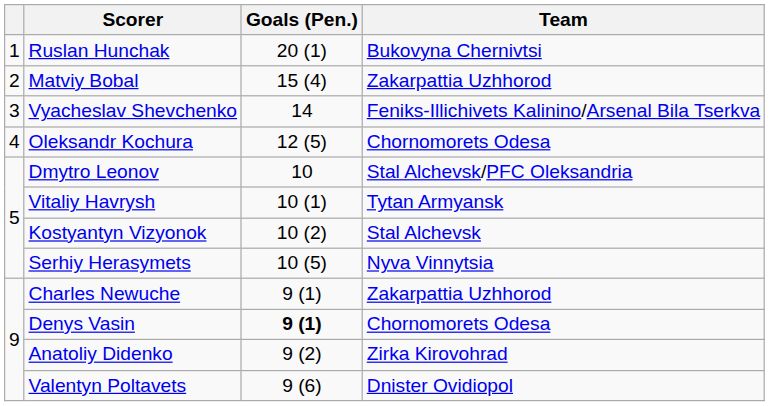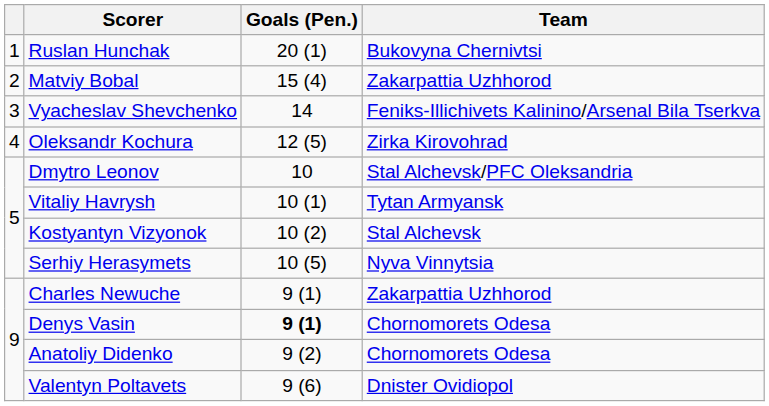 <table class="wikitable">
 <tr>
 <th></th>
 <th>Scorer</th>
 <th>Goals (Pen.)</th>
 <th>Team</th>
 </tr>
 <tr>
 <td>1</td>
 <td> <a href='#'>Ruslan Hunchak</a></td>
 <td align=center>20 (1)</td>
 <td><a href='#'>Bukovyna Chernivtsi</a></td>
 </tr>
 <tr>
 <td>2</td>
 <td> <a href='#'>Matviy Bobal</a></td>
 <td align=center>15 (4)</td>
 <td><a href='#'>Zakarpattia Uzhhorod</a></td>
 </tr>
 <tr>
 <td>3</td>
 <td> <a href='#'>Vyacheslav Shevchenko</a></td>
 <td align=center>14</td>
 <td><a href='#'>Feniks-Illichivets Kalinino</a>/<a href='#'>Arsenal Bila Tserkva</a></td>
 </tr>
 <tr>
 <td>4</td>
 <td> <a href='#'>Oleksandr Kochura</a></td>
 <td align=center>12 (5)</td>
-<td><a href='#'>Chornomorets Odesa</a></td>
+<td><a href='#'>Zirka Kirovohrad</a></td>
 </tr>
 <tr>
 <td rowspan="4">5</td>
 <td> <a href='#'>Dmytro Leonov</a></td>
 <td align=center>10</td>
 <td><a href='#'>Stal Alchevsk</a>/<a href='#'>PFC Oleksandria</a></td>
 </tr>
 <tr>
 <td> <a href='#'>Vitaliy Havrysh</a></td>
 <td align=center>10 (1)</td>
 <td><a href='#'>Tytan Armyansk</a></td>
 </tr>
 <tr>
 <td> <a href='#'>Kostyantyn Vizyonok</a></td>
 <td align=center>10 (2)</td>
 <td><a href='#'>Stal Alchevsk</a></td>
 </tr>
 <tr>
 <td> <a href='#'>Serhiy Herasymets</a></td>
 <td align=center>10 (5)</td>
 <td><a href='#'>Nyva Vinnytsia</a></td>
 </tr>
 <tr>
 <td rowspan="4">9</td>
 <td> <a href='#'>Charles Newuche</a></td>
 <td align=center>9 (1)</td>
 <td><a href='#'>Zakarpattia Uzhhorod</a></td>
 </tr>
 <tr>
 <td> <a href='#'>Denys Vasin</a></td>
 <td align=center><strong>9 (1)</strong></td>
 <td><a href='#'>Chornomorets Odesa</a></td>
 </tr>
 <tr>
 <td> <a href='#'>Anatoliy Didenko</a></td>
 <td align=center>9 (2)</td>
-<td><a href='#'>Zirka Kirovohrad</a></td>
+<td><a href='#'>Chornomorets Odesa</a></td>
 </tr>
 <tr>
 <td> <a href='#'>Valentyn Poltavets</a></td>
 <td align=center>9 (6)</td>
 <td><a href='#'>Dnister Ovidiopol</a></td>
 </tr>
 </table>
